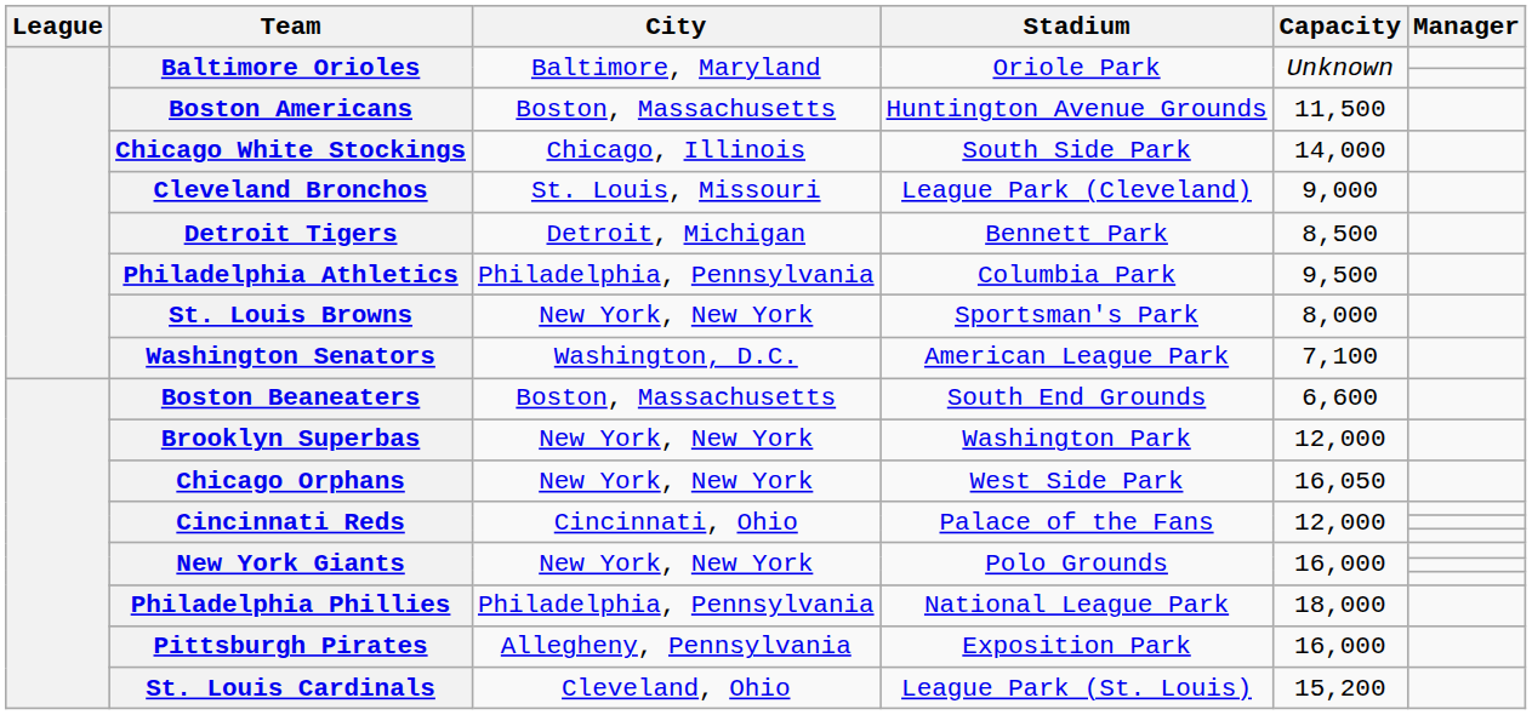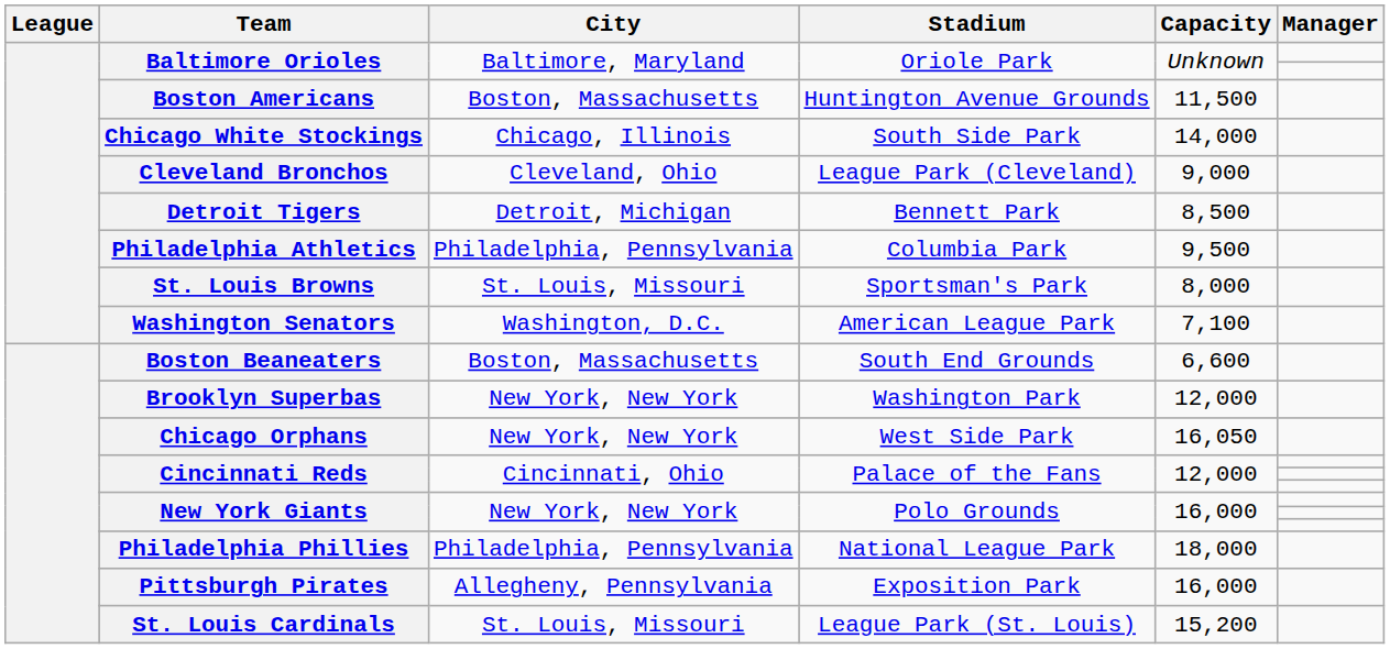 <table class="wikitable sortable plainrowheaders" style="text-align:center;">
 <tr>
 <th scope="col">League</th>
 <th scope="col">Team</th>
 <th scope="col">City</th>
 <th scope="col">Stadium</th>
 <th scope="col">Capacity</th>
 <th scope="col">Manager</th>
 </tr>
 <tr>
 <th rowspan="9"></th>
 <th rowspan="2" scope="row"><a href='#'>Baltimore Orioles</a></th>
 <td rowspan="2"><a href='#'>Baltimore</a>, <a href='#'>Maryland</a></td>
 <td rowspan="2"><a href='#'>Oriole Park</a></td>
 <td rowspan="2" data-sort-value="0"><em>Unknown</em></td>
 <td></td>
 </tr>
 <tr>
 <td></td>
 </tr>
 <tr>
 <th scope="row"><a href='#'>Boston Americans</a></th>
 <td><a href='#'>Boston</a>, <a href='#'>Massachusetts</a></td>
 <td><a href='#'>Huntington Avenue Grounds</a></td>
 <td>11,500</td>
 <td></td>
 </tr>
 <tr>
 <th scope="row"><a href='#'>Chicago White Stockings</a></th>
 <td><a href='#'>Chicago</a>, <a href='#'>Illinois</a></td>
 <td><a href='#'>South Side Park</a></td>
 <td>14,000</td>
 <td></td>
 </tr>
 <tr>
 <th scope="row"><a href='#'>Cleveland Bronchos</a></th>
-<td><a href='#'>St. Louis</a>, <a href='#'>Missouri</a></td>
+<td><a href='#'>Cleveland</a>, <a href='#'>Ohio</a></td>
 <td><a href='#'>League Park (Cleveland)</a></td>
 <td>9,000</td>
 <td></td>
 </tr>
 <tr>
 <th scope="row"><a href='#'>Detroit Tigers</a></th>
 <td><a href='#'>Detroit</a>, <a href='#'>Michigan</a></td>
 <td><a href='#'>Bennett Park</a></td>
 <td>8,500</td>
 <td></td>
 </tr>
 <tr>
 <th scope="row"><a href='#'>Philadelphia Athletics</a></th>
 <td><a href='#'>Philadelphia</a>, <a href='#'>Pennsylvania</a></td>
 <td><a href='#'>Columbia Park</a></td>
 <td>9,500</td>
 <td></td>
 </tr>
 <tr>
 <th scope="row"><a href='#'>St. Louis Browns</a></th>
-<td><a href='#'>New York</a>, <a href='#'>New York</a></td>
+<td><a href='#'>St. Louis</a>, <a href='#'>Missouri</a></td>
 <td><a href='#'>Sportsman's Park</a></td>
 <td>8,000</td>
 <td></td>
 </tr>
 <tr>
 <th scope="row"><a href='#'>Washington Senators</a></th>
 <td><a href='#'>Washington, D.C.</a></td>
 <td><a href='#'>American League Park</a></td>
 <td>7,100</td>
 <td></td>
 </tr>
 <tr>
 <th rowspan="12"></th>
 <th scope="row"><a href='#'>Boston Beaneaters</a></th>
 <td><a href='#'>Boston</a>, <a href='#'>Massachusetts</a></td>
 <td><a href='#'>South End Grounds</a></td>
 <td>6,600</td>
 <td></td>
 </tr>
 <tr>
 <th scope="row"><a href='#'>Brooklyn Superbas</a></th>
 <td><a href='#'>New York</a>, <a href='#'>New York</a></td>
 <td><a href='#'>Washington Park</a></td>
 <td>12,000</td>
 <td></td>
 </tr>
 <tr>
 <th scope="row"><a href='#'>Chicago Orphans</a></th>
 <td><a href='#'>New York</a>, <a href='#'>New York</a></td>
 <td><a href='#'>West Side Park</a></td>
 <td>16,050</td>
 <td></td>
 </tr>
 <tr>
 <th rowspan="3" scope="row"><a href='#'>Cincinnati Reds</a></th>
 <td rowspan="3"><a href='#'>Cincinnati</a>, <a href='#'>Ohio</a></td>
 <td rowspan="3"><a href='#'>Palace of the Fans</a></td>
 <td rowspan="3">12,000</td>
 <td></td>
 </tr>
 <tr>
 <td></td>
 </tr>
 <tr>
 <td></td>
 </tr>
 <tr>
 <th rowspan="3" scope="row"><a href='#'>New York Giants</a></th>
 <td rowspan="3"><a href='#'>New York</a>, <a href='#'>New York</a></td>
 <td rowspan="3"><a href='#'>Polo Grounds</a></td>
 <td rowspan="3">16,000</td>
 <td></td>
 </tr>
 <tr>
 <td></td>
 </tr>
 <tr>
 <td></td>
 </tr>
 <tr>
 <th scope="row"><a href='#'>Philadelphia Phillies</a></th>
 <td><a href='#'>Philadelphia</a>, <a href='#'>Pennsylvania</a></td>
 <td><a href='#'>National League Park</a></td>
 <td>18,000</td>
 <td></td>
 </tr>
 <tr>
 <th scope="row"><a href='#'>Pittsburgh Pirates</a></th>
 <td><a href='#'>Allegheny</a>, <a href='#'>Pennsylvania</a></td>
 <td><a href='#'>Exposition Park</a></td>
 <td>16,000</td>
 <td></td>
 </tr>
 <tr>
 <th scope="row"><a href='#'>St. Louis Cardinals</a></th>
-<td><a href='#'>Cleveland</a>, <a href='#'>Ohio</a></td>
+<td><a href='#'>St. Louis</a>, <a href='#'>Missouri</a></td>
 <td><a href='#'>League Park (St. Louis)</a></td>
 <td>15,200</td>
 <td></td>
 </tr>
 </table>
